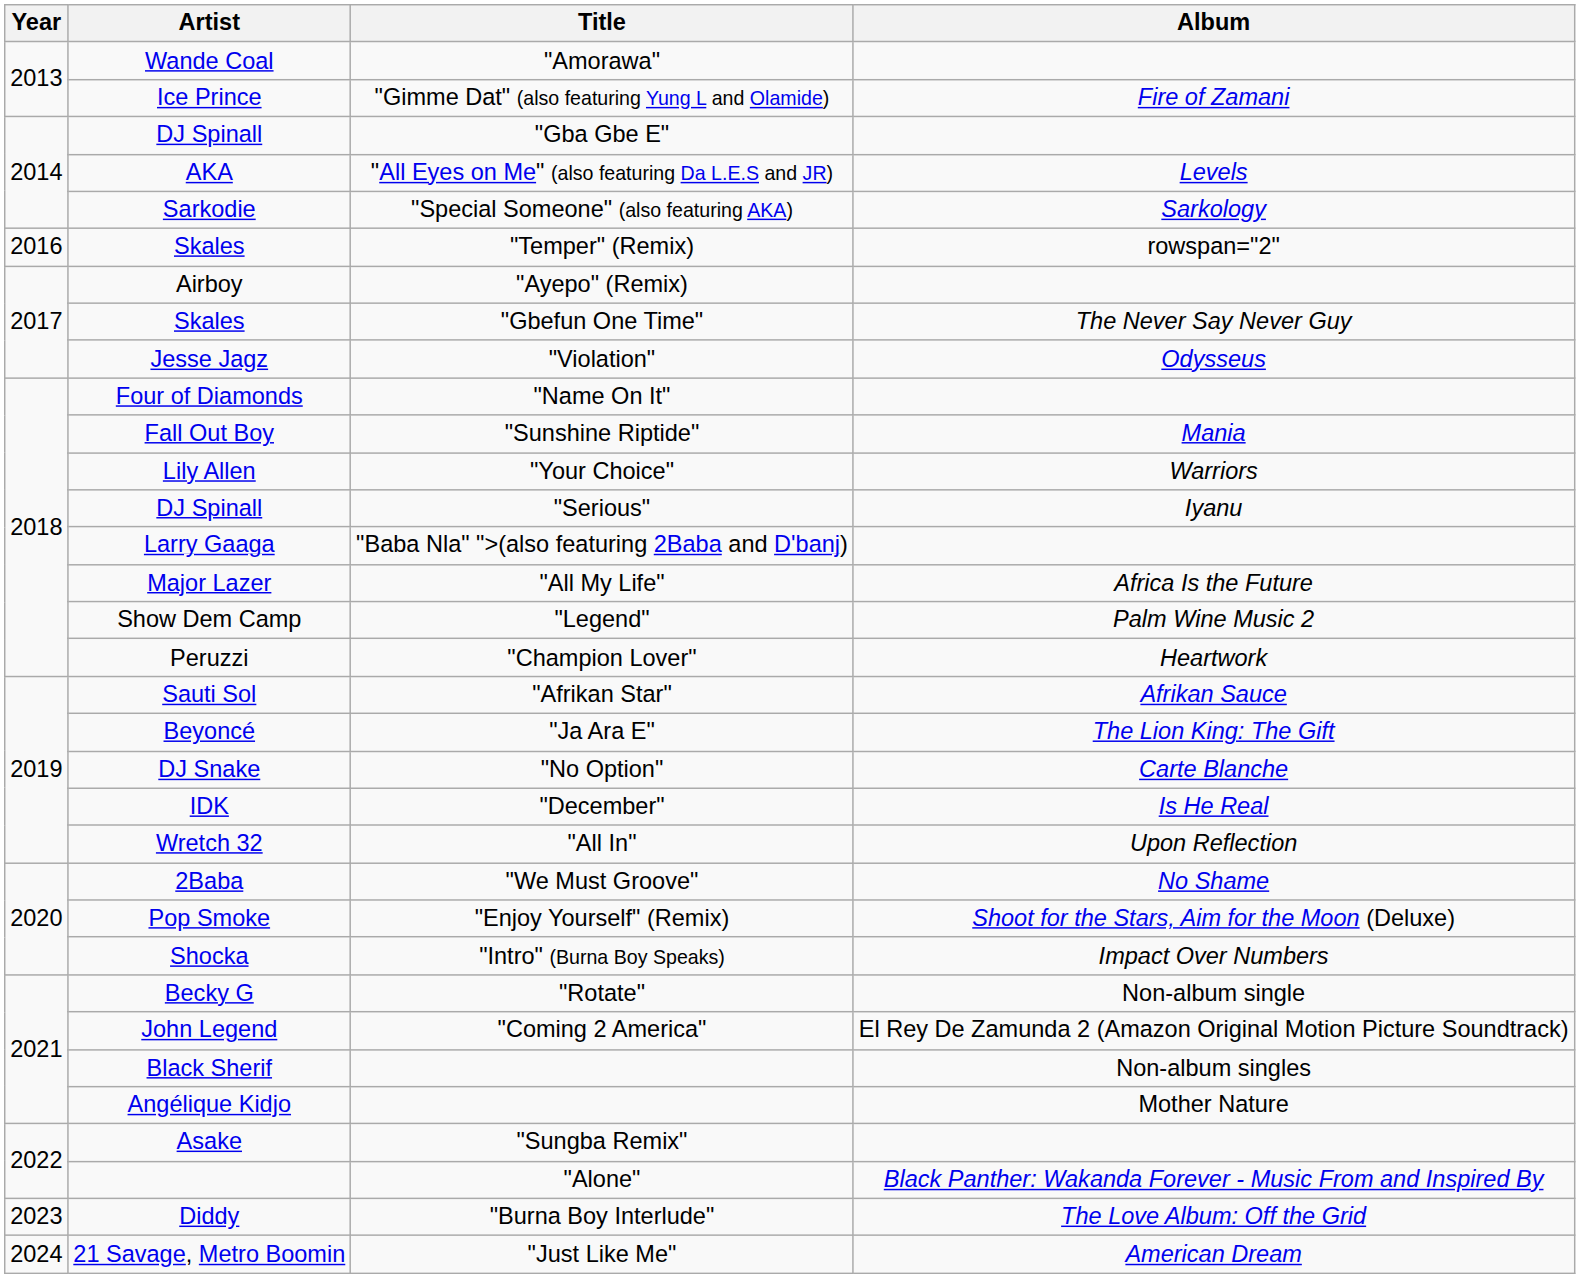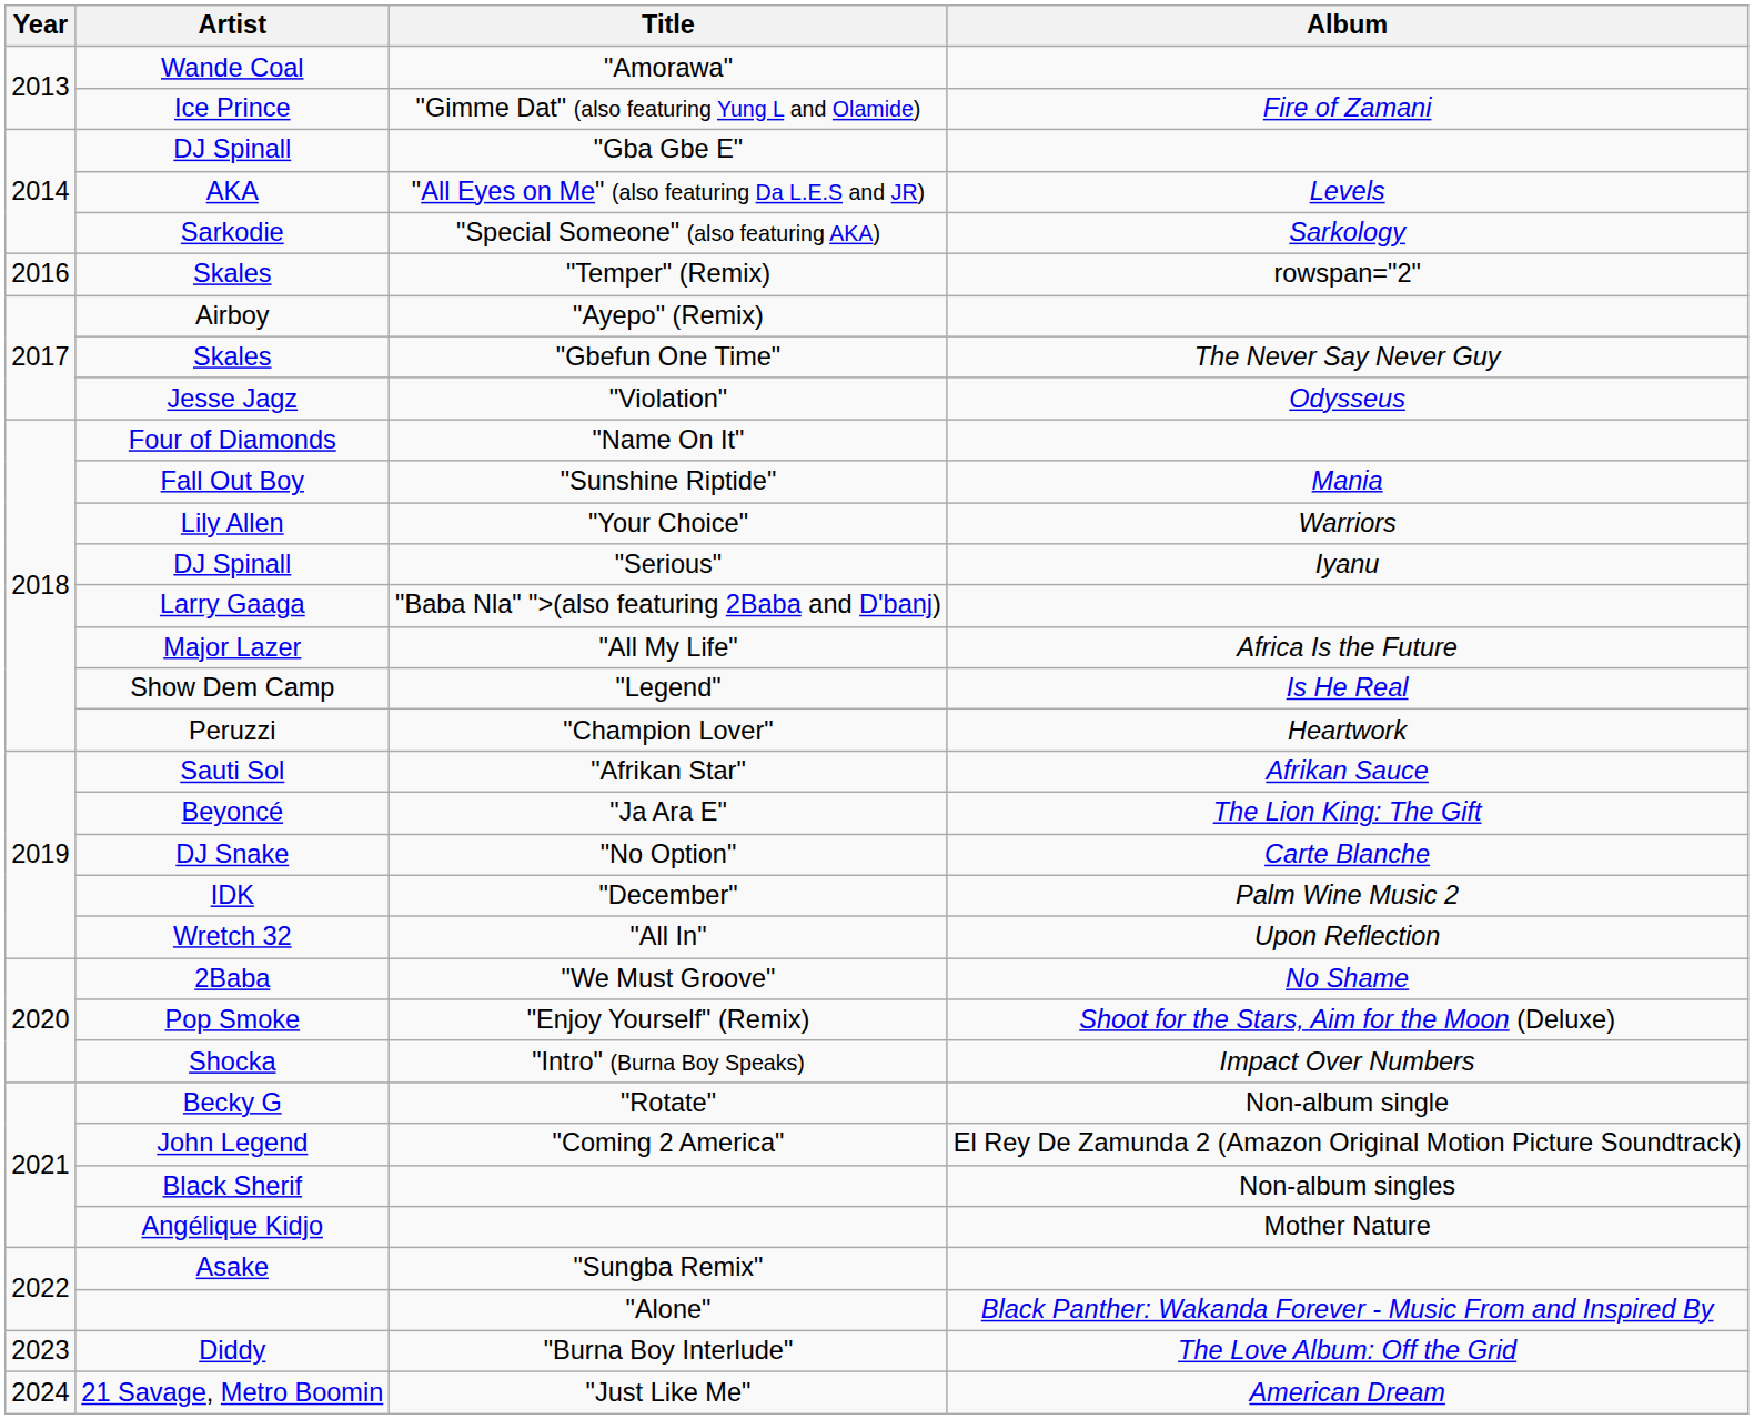 <table class="wikitable plainrowheaders" style="text-align:center;">
 <tr>
 <th>Year</th>
 <th>Artist</th>
 <th>Title</th>
 <th>Album</th>
 </tr>
 <tr>
 <td rowspan="2">2013</td>
 <td><a href='#'>Wande Coal</a></td>
 <td>"Amorawa"</td>
 <td></td>
 </tr>
 <tr>
 <td><a href='#'>Ice Prince</a></td>
 <td>"Gimme Dat" <small>(also featuring <a href='#'>Yung L</a> and <a href='#'>Olamide</a>)</small></td>
 <td><em><a href='#'>Fire of Zamani</a></em></td>
 </tr>
 <tr>
 <td rowspan="3">2014</td>
 <td><a href='#'>DJ Spinall</a></td>
 <td>"Gba Gbe E"</td>
 <td></td>
 </tr>
 <tr>
 <td><a href='#'>AKA</a></td>
 <td>"<a href='#'>All Eyes on Me</a>" <small>(also featuring <a href='#'>Da L.E.S</a> and <a href='#'>JR</a>)</small></td>
 <td><em><a href='#'>Levels</a></em></td>
 </tr>
 <tr>
 <td><a href='#'>Sarkodie</a></td>
 <td>"Special Someone" <small>(also featuring <a href='#'>AKA</a>)</small></td>
 <td><em><a href='#'>Sarkology</a></em></td>
 </tr>
 <tr>
 <td>2016</td>
 <td><a href='#'>Skales</a></td>
 <td>"Temper" (Remix)</td>
 <td>rowspan="2"</td>
 </tr>
 <tr>
 <td rowspan="3">2017</td>
 <td>Airboy</td>
 <td>"Ayepo" (Remix)</td>
 </tr>
 <tr>
 <td><a href='#'>Skales</a></td>
 <td>"Gbefun One Time"</td>
 <td><em>The Never Say Never Guy</em></td>
 </tr>
 <tr>
 <td><a href='#'>Jesse Jagz</a></td>
 <td>"Violation"</td>
 <td><em><a href='#'>Odysseus</a></em></td>
 </tr>
 <tr>
 <td rowspan="8">2018</td>
 <td><a href='#'>Four of Diamonds</a></td>
 <td>"Name On It"</td>
 <td></td>
 </tr>
 <tr>
 <td><a href='#'>Fall Out Boy</a></td>
 <td>"Sunshine Riptide"</td>
 <td><em><a href='#'>Mania</a></em></td>
 </tr>
 <tr>
 <td><a href='#'>Lily Allen</a></td>
 <td>"Your Choice"</td>
 <td><em>Warriors</em></td>
 </tr>
 <tr>
 <td><a href='#'>DJ Spinall</a></td>
 <td>"Serious"</td>
 <td><em>Iyanu</em></td>
 </tr>
 <tr>
 <td><a href='#'>Larry Gaaga</a></td>
 <td>"Baba Nla" <span>">(also featuring <a href='#'>2Baba</a> and <a href='#'>D'banj</a>)</span></td>
 <td></td>
 </tr>
 <tr>
 <td><a href='#'>Major Lazer</a></td>
 <td>"All My Life"</td>
 <td><em>Africa Is the Future</em></td>
 </tr>
 <tr>
 <td>Show Dem Camp</td>
 <td>"Legend"</td>
-<td><em>Palm Wine Music 2</em></td>
+<td><em><a href='#'>Is He Real</a></em></td>
 </tr>
 <tr>
 <td>Peruzzi</td>
 <td>"Champion Lover"</td>
 <td><em>Heartwork</em></td>
 </tr>
 <tr>
 <td rowspan="5">2019</td>
 <td><a href='#'>Sauti Sol</a></td>
 <td>"Afrikan Star"</td>
 <td><em><a href='#'>Afrikan Sauce</a></em></td>
 </tr>
 <tr>
 <td><a href='#'>Beyoncé</a></td>
 <td>"Ja Ara E"</td>
 <td><em><a href='#'>The Lion King: The Gift</a></em></td>
 </tr>
 <tr>
 <td><a href='#'>DJ Snake</a></td>
 <td>"No Option"</td>
 <td><em><a href='#'>Carte Blanche</a></em></td>
 </tr>
 <tr>
 <td><a href='#'>IDK</a></td>
 <td>"December"</td>
-<td><em><a href='#'>Is He Real</a></em></td>
+<td><em>Palm Wine Music 2</em></td>
 </tr>
 <tr>
 <td><a href='#'>Wretch 32</a></td>
 <td>"All In"</td>
 <td><em>Upon Reflection</em></td>
 </tr>
 <tr>
 <td rowspan="3">2020</td>
 <td><a href='#'>2Baba</a></td>
 <td>"We Must Groove"</td>
 <td><em><a href='#'>No Shame</a></em></td>
 </tr>
 <tr>
 <td><a href='#'>Pop Smoke</a></td>
 <td>"Enjoy Yourself" (Remix)</td>
 <td><em><a href='#'>Shoot for the Stars, Aim for the Moon</a></em> (Deluxe)</td>
 </tr>
 <tr>
 <td><a href='#'>Shocka</a></td>
 <td>"Intro" <small>(Burna Boy Speaks)</small></td>
 <td><em>Impact Over Numbers</em></td>
 </tr>
 <tr>
 <td rowspan="4">2021</td>
 <td><a href='#'>Becky G</a></td>
 <td>"Rotate"</td>
 <td>Non-album single</td>
 </tr>
 <tr>
 <td><a href='#'>John Legend</a></td>
 <td>"Coming 2 America"</td>
 <td>El Rey De Zamunda 2 (Amazon Original Motion Picture Soundtrack)</td>
 </tr>
 <tr>
 <td><a href='#'>Black Sherif</a></td>
 <td></td>
 <td>Non-album singles</td>
 </tr>
 <tr>
 <td><a href='#'>Angélique Kidjo</a></td>
 <td></td>
 <td rowspan=>Mother Nature</td>
 </tr>
 <tr>
 <td rowspan="2">2022</td>
 <td><a href='#'>Asake</a></td>
 <td>"Sungba Remix"</td>
 </tr>
 <tr>
 <td></td>
 <td>"Alone"</td>
 <td><em><a href='#'>Black Panther: Wakanda Forever - Music From and Inspired By</a></em></td>
 </tr>
 <tr>
 <td>2023</td>
 <td><a href='#'>Diddy</a></td>
 <td>"Burna Boy Interlude"</td>
 <td><em><a href='#'>The Love Album: Off the Grid</a></em></td>
 </tr>
 <tr>
 <td>2024</td>
 <td><a href='#'>21 Savage</a>, <a href='#'>Metro Boomin</a></td>
 <td>"Just Like Me"</td>
 <td><em><a href='#'>American Dream</a></em></td>
 </tr>
 </table>
